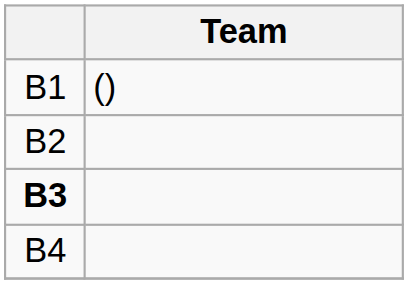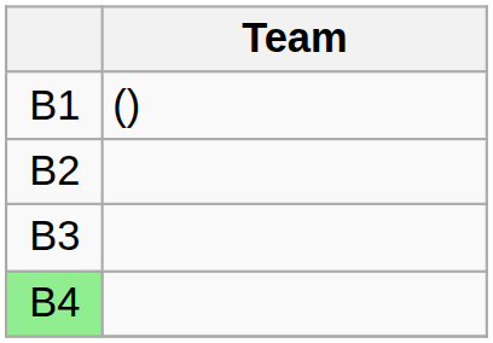 <table class="wikitable" style="display:inline-table;">
 <tr>
 <th width=30></th>
 <th width=140>Team</th>
 </tr>
 <tr>
 <td align=center>B1</td>
 <td> ()</td>
 </tr>
 <tr>
 <td align=center>B2</td>
 <td></td>
 </tr>
 <tr>
-<td align=center><strong>B3</strong></td>
+<td align=center>B3</td>
 <td></td>
 </tr>
 <tr>
-<td align=center>B4</td>
+<td align=center style="background: lightgreen;">B4</td>
 <td></td>
 </tr>
 <tr>
 </tr>
 </table>
